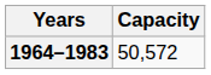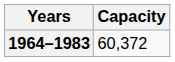 <table class="wikitable">
 <tr>
 <th scope="row">Years</th>
 <th scope="row">Capacity</th>
 </tr>
 <tr>
 <th scope="row">1964–1983</th>
-<td>50,572</td>
+<td>60,372</td>
 </tr>
 </table>
